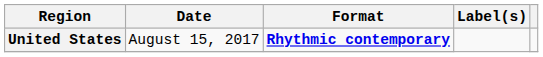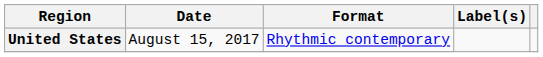 <table class="wikitable sortable plainrowheaders">
 <tr>
 <th>Region</th>
 <th>Date</th>
 <th>Format</th>
 <th>Label(s)</th>
 <th></th>
 </tr>
 <tr>
 <th scope="row">United States</th>
 <td>August 15, 2017</td>
-<td><strong><a href='#'>Rhythmic contemporary</a></strong></td>
+<td><a href='#'>Rhythmic contemporary</a></td>
 <td rowspan="3"></td>
 <td style="text-align:center;"></td>
 </tr>
 <tr>
 </tr>
 </table>
